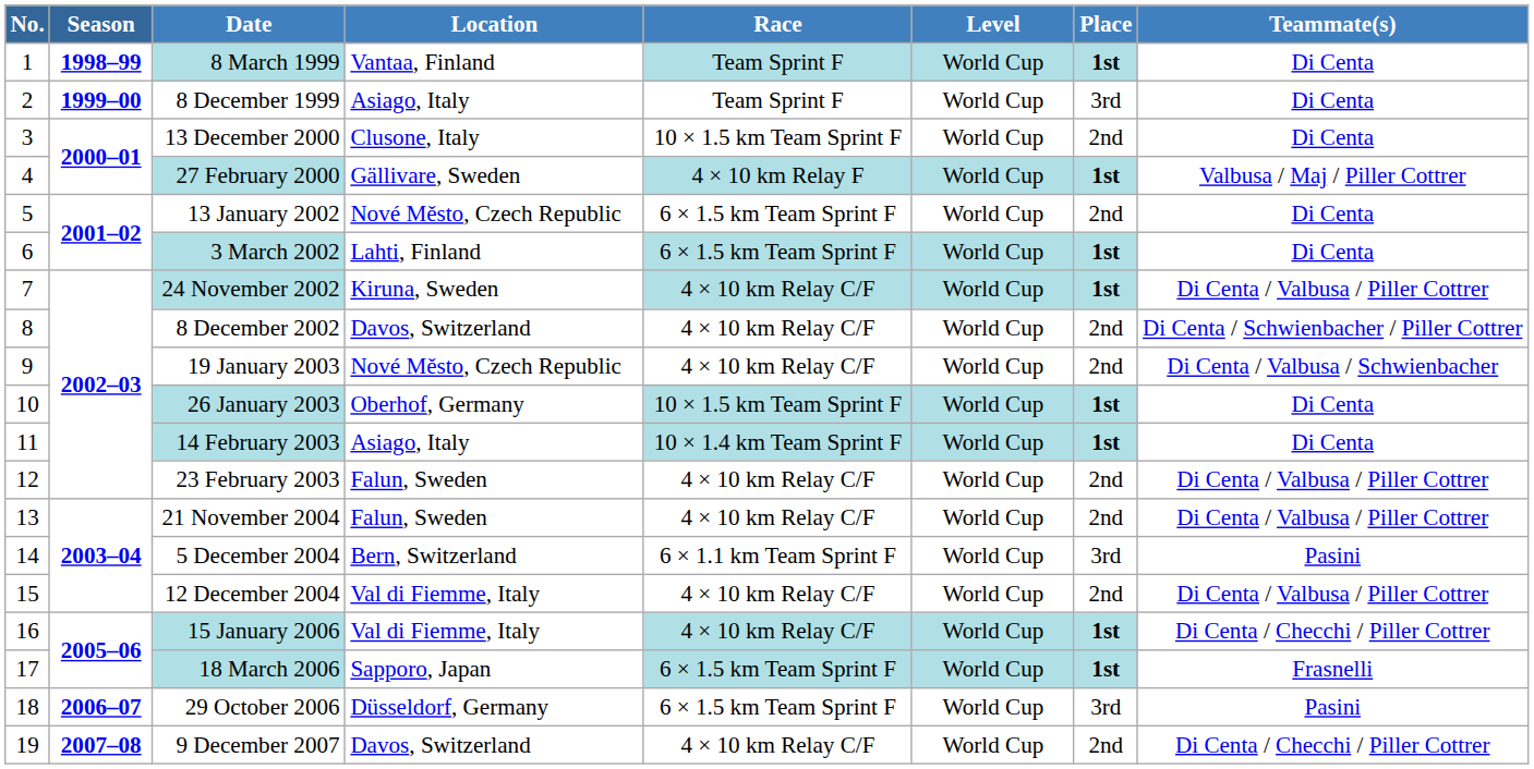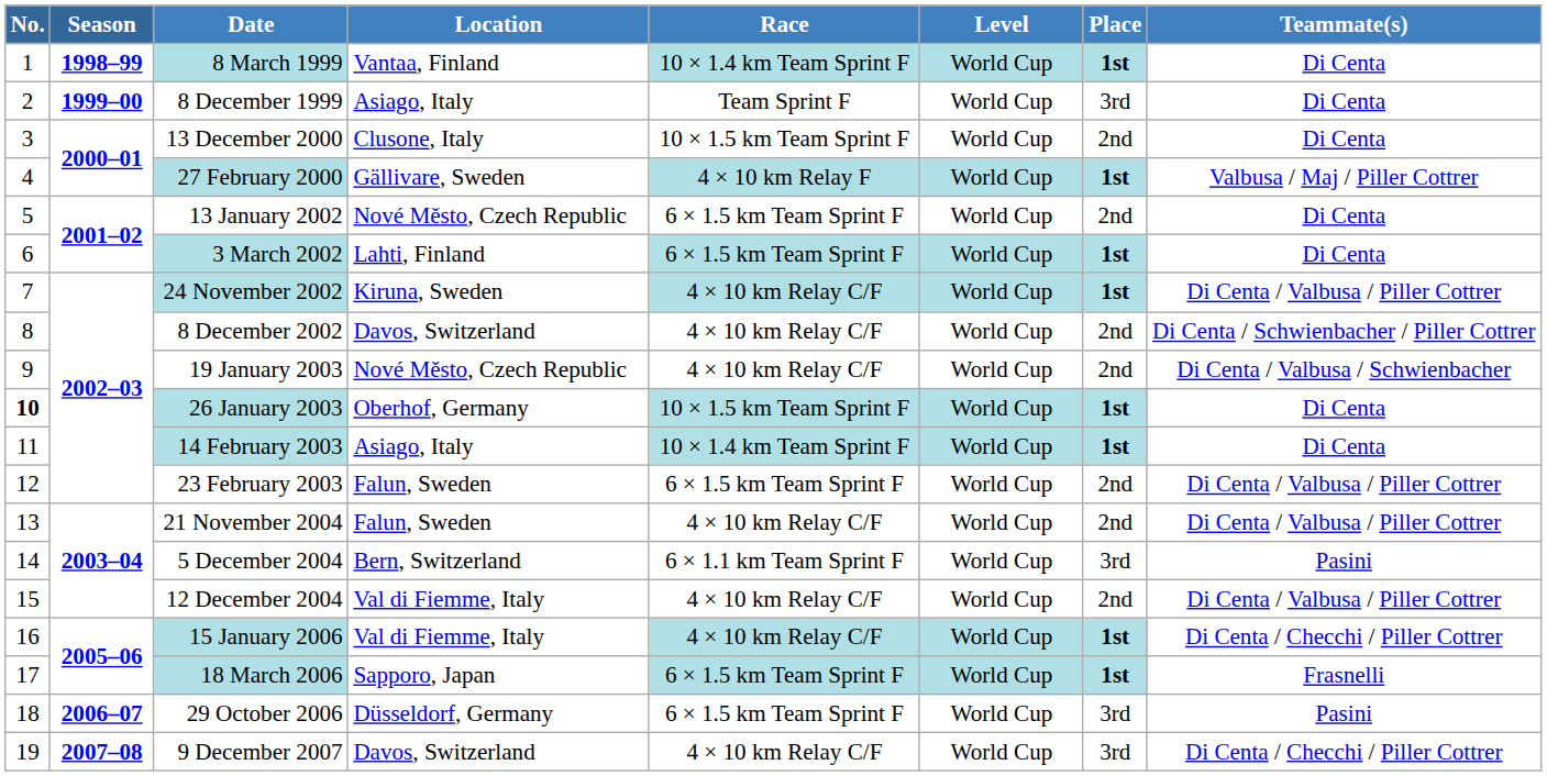 <table class="wikitable sortable" style="font-size:95%; text-align:center; border:grey solid 1px; border-collapse:collapse; background:#ffffff;">
 <tr style="background:#efefef;">
 <th style="background-color:#369; color:white;">No.</th>
 <th style="background-color:#369; color:white;">Season</th>
 <th style="background-color:#4180be; color:white; width:120px;">Date</th>
 <th style="background-color:#4180be; color:white; width:190px;">Location</th>
 <th style="background-color:#4180be; color:white; width:170px;">Race</th>
 <th style="background-color:#4180be; color:white; width:100px;">Level</th>
 <th style="background-color:#4180be; color:white;">Place</th>
 <th style="background-color:#4180be; color:white;">Teammate(s)</th>
 </tr>
 <tr>
 <td align=center>1</td>
 <td rowspan=1 align=center><strong><a href='#'>1998–99</a></strong></td>
 <td bgcolor="#BOEOE6" align=right>8 March 1999</td>
 <td align=left> <a href='#'>Vantaa</a>, Finland</td>
-<td bgcolor="#BOEOE6">Team Sprint F</td>
+<td bgcolor="#BOEOE6">10 × 1.4 km Team Sprint F</td>
 <td bgcolor="#BOEOE6">World Cup</td>
 <td bgcolor="#BOEOE6"><strong>1st</strong></td>
 <td><a href='#'>Di Centa</a></td>
 </tr>
 <tr>
 <td align=center>2</td>
 <td rowspan=1 align=center><strong> <a href='#'>1999–00</a> </strong></td>
 <td align=right>8 December 1999</td>
 <td align=left> <a href='#'>Asiago</a>, Italy</td>
 <td>Team Sprint F</td>
 <td>World Cup</td>
 <td>3rd</td>
 <td><a href='#'>Di Centa</a></td>
 </tr>
 <tr>
 <td align=center>3</td>
 <td rowspan=2 align=center><strong> <a href='#'>2000–01</a> </strong></td>
 <td align=right>13 December 2000</td>
 <td align=left> <a href='#'>Clusone</a>, Italy</td>
 <td>10 × 1.5 km Team Sprint F</td>
 <td>World Cup</td>
 <td>2nd</td>
 <td><a href='#'>Di Centa</a></td>
 </tr>
 <tr>
 <td align=center>4</td>
 <td bgcolor="#BOEOE6" align=right>27 February 2000</td>
 <td align=left> <a href='#'>Gällivare</a>, Sweden</td>
 <td bgcolor="#BOEOE6">4 × 10 km Relay F</td>
 <td bgcolor="#BOEOE6">World Cup</td>
 <td bgcolor="#BOEOE6"><strong>1st</strong></td>
 <td><a href='#'>Valbusa</a> / <a href='#'>Maj</a> / <a href='#'>Piller Cottrer</a></td>
 </tr>
 <tr>
 <td align=center>5</td>
 <td rowspan=2 align=center><strong> <a href='#'>2001–02</a> </strong></td>
 <td align=right>13 January 2002</td>
 <td align=left> <a href='#'>Nové Město</a>, Czech Republic</td>
 <td>6 × 1.5 km Team Sprint F</td>
 <td>World Cup</td>
 <td>2nd</td>
 <td><a href='#'>Di Centa</a></td>
 </tr>
 <tr>
 <td align=center>6</td>
 <td bgcolor="#BOEOE6" align=right>3 March 2002</td>
 <td align=left> <a href='#'>Lahti</a>, Finland</td>
 <td bgcolor="#BOEOE6">6 × 1.5 km Team Sprint F</td>
 <td bgcolor="#BOEOE6">World Cup</td>
 <td bgcolor="#BOEOE6"><strong>1st</strong></td>
 <td><a href='#'>Di Centa</a></td>
 </tr>
 <tr>
 <td align=center>7</td>
 <td rowspan=6 align=center><strong><a href='#'>2002–03</a></strong></td>
 <td bgcolor="#BOEOE6" align=right>24 November 2002</td>
 <td align=left> <a href='#'>Kiruna</a>, Sweden</td>
 <td bgcolor="#BOEOE6">4 × 10 km Relay C/F</td>
 <td bgcolor="#BOEOE6">World Cup</td>
 <td bgcolor="#BOEOE6"><strong>1st</strong></td>
 <td><a href='#'>Di Centa</a> / <a href='#'>Valbusa</a> / <a href='#'>Piller Cottrer</a></td>
 </tr>
 <tr>
 <td align=center>8</td>
 <td align=right>8 December 2002</td>
 <td align=left> <a href='#'>Davos</a>, Switzerland</td>
 <td>4 × 10 km Relay C/F</td>
 <td>World Cup</td>
 <td>2nd</td>
 <td><a href='#'>Di Centa</a> / <a href='#'>Schwienbacher</a> / <a href='#'>Piller Cottrer</a></td>
 </tr>
 <tr>
 <td align=center>9</td>
 <td align=right>19 January 2003</td>
 <td align=left> <a href='#'>Nové Město</a>, Czech Republic</td>
 <td>4 × 10 km Relay C/F</td>
 <td>World Cup</td>
 <td>2nd</td>
 <td><a href='#'>Di Centa</a> / <a href='#'>Valbusa</a> / <a href='#'>Schwienbacher</a></td>
 </tr>
 <tr>
-<td align=center>10</td>
+<td align=center><strong>10</strong></td>
 <td bgcolor="#BOEOE6" align=right>26 January 2003</td>
 <td align=left> <a href='#'>Oberhof</a>, Germany</td>
 <td bgcolor="#BOEOE6">10 × 1.5 km Team Sprint F</td>
 <td bgcolor="#BOEOE6">World Cup</td>
 <td bgcolor="#BOEOE6"><strong>1st</strong></td>
 <td><a href='#'>Di Centa</a></td>
 </tr>
 <tr>
 <td align=center>11</td>
 <td bgcolor="#BOEOE6" align=right>14 February 2003</td>
 <td align=left> <a href='#'>Asiago</a>, Italy</td>
 <td bgcolor="#BOEOE6">10 × 1.4 km Team Sprint F</td>
 <td bgcolor="#BOEOE6">World Cup</td>
 <td bgcolor="#BOEOE6"><strong>1st</strong></td>
 <td><a href='#'>Di Centa</a></td>
 </tr>
 <tr>
 <td align=center>12</td>
 <td align=right>23 February 2003</td>
 <td align=left> <a href='#'>Falun</a>, Sweden</td>
-<td>4 × 10 km Relay C/F</td>
+<td>6 × 1.5 km Team Sprint F</td>
 <td>World Cup</td>
 <td>2nd</td>
 <td><a href='#'>Di Centa</a> / <a href='#'>Valbusa</a> / <a href='#'>Piller Cottrer</a></td>
 </tr>
 <tr>
 <td align=center>13</td>
 <td rowspan=3 align=center><strong> <a href='#'>2003–04</a> </strong></td>
 <td align=right>21 November 2004</td>
 <td align=left> <a href='#'>Falun</a>, Sweden</td>
 <td>4 × 10 km Relay C/F</td>
 <td>World Cup</td>
 <td>2nd</td>
 <td><a href='#'>Di Centa</a> / <a href='#'>Valbusa</a> / <a href='#'>Piller Cottrer</a></td>
 </tr>
 <tr>
 <td align=center>14</td>
 <td align=right>5 December 2004</td>
 <td align=left> <a href='#'>Bern</a>, Switzerland</td>
 <td>6 × 1.1 km Team Sprint F</td>
 <td>World Cup</td>
 <td>3rd</td>
 <td><a href='#'>Pasini</a></td>
 </tr>
 <tr>
 <td align=center>15</td>
 <td align=right>12 December 2004</td>
 <td align=left> <a href='#'>Val di Fiemme</a>, Italy</td>
 <td>4 × 10 km Relay C/F</td>
 <td>World Cup</td>
 <td>2nd</td>
 <td><a href='#'>Di Centa</a> / <a href='#'>Valbusa</a> / <a href='#'>Piller Cottrer</a></td>
 </tr>
 <tr>
 <td align=center>16</td>
 <td rowspan=2 align=center><strong><a href='#'>2005–06</a></strong></td>
 <td bgcolor="#BOEOE6" align=right>15 January 2006</td>
 <td align=left> <a href='#'>Val di Fiemme</a>, Italy</td>
 <td bgcolor="#BOEOE6">4 × 10 km Relay C/F</td>
 <td bgcolor="#BOEOE6">World Cup</td>
 <td bgcolor="#BOEOE6"><strong>1st</strong></td>
 <td><a href='#'>Di Centa</a> / <a href='#'>Checchi</a> / <a href='#'>Piller Cottrer</a></td>
 </tr>
 <tr>
 <td align=center>17</td>
 <td bgcolor="#BOEOE6" align=right>18 March 2006</td>
 <td align=left> <a href='#'>Sapporo</a>, Japan</td>
 <td bgcolor="#BOEOE6">6 × 1.5 km Team Sprint F</td>
 <td bgcolor="#BOEOE6">World Cup</td>
 <td bgcolor="#BOEOE6"><strong>1st</strong></td>
 <td><a href='#'>Frasnelli</a></td>
 </tr>
 <tr>
 <td align=center>18</td>
 <td rowspan=1 align=center><strong> <a href='#'>2006–07</a> </strong></td>
 <td align=right>29 October 2006</td>
 <td align=left> <a href='#'>Düsseldorf</a>, Germany</td>
 <td>6 × 1.5 km Team Sprint F</td>
 <td>World Cup</td>
 <td>3rd</td>
 <td><a href='#'>Pasini</a></td>
 </tr>
 <tr>
 <td align=center>19</td>
 <td rowspan=1 align=center><strong> <a href='#'>2007–08</a> </strong></td>
 <td align=right>9 December 2007</td>
 <td align=left> <a href='#'>Davos</a>, Switzerland</td>
 <td>4 × 10 km Relay C/F</td>
 <td>World Cup</td>
-<td>2nd</td>
+<td>3rd</td>
 <td><a href='#'>Di Centa</a> / <a href='#'>Checchi</a> / <a href='#'>Piller Cottrer</a></td>
 </tr>
 </table>
